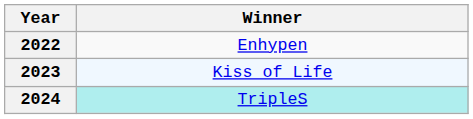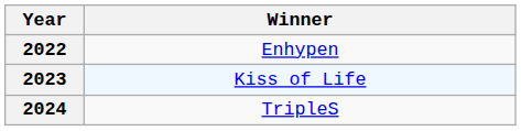 <table class="wikitable plainrowheaders" style="text-align: center">
 <tr>
 <th scope="col" width="50">Year</th>
 <th scope="col" width="300">Winner</th>
 </tr>
 <tr>
 <th scope="row" style="text-align:center;">2022</th>
 <td><a href='#'>Enhypen</a></td>
 </tr>
 <tr style="background:#F0F8FF">
 <th scope="row" style="text-align:center;">2023</th>
 <td><a href='#'>Kiss of Life</a></td>
 </tr>
 <tr>
 <th scope="row" style="text-align:center;">2024</th>
-<td style="background: paleturquoise;"><a href='#'>TripleS</a></td>
+<td><a href='#'>TripleS</a></td>
 </tr>
 </table>
